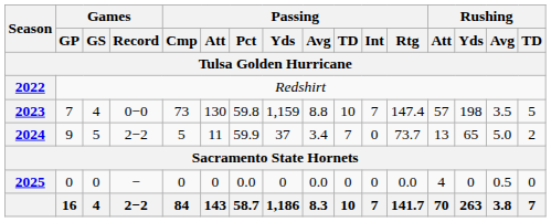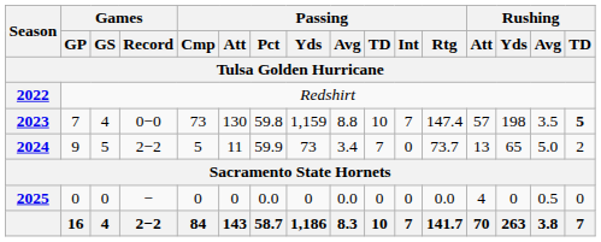 <table class="wikitable" style="text-align:center;">
 <tr>
 <th rowspan="2">Season</th>
 <th colspan="3">Games</th>
 <th colspan="8">Passing</th>
 <th colspan="5">Rushing</th>
 </tr>
 <tr>
 <th>GP</th>
 <th>GS</th>
 <th>Record</th>
 <th>Cmp</th>
 <th>Att</th>
 <th>Pct</th>
 <th>Yds</th>
 <th>Avg</th>
 <th>TD</th>
 <th>Int</th>
 <th>Rtg</th>
 <th>Att</th>
 <th>Yds</th>
 <th>Avg</th>
 <th>TD</th>
 </tr>
 <tr>
 <th colspan="16">Tulsa Golden Hurricane</th>
 </tr>
 <tr>
 <th><a href='#'>2022</a></th>
 <td colspan="16"><em>Redshirt </em></td>
 </tr>
 <tr>
 <th><a href='#'>2023</a></th>
 <td>7</td>
 <td>4</td>
 <td>0−0</td>
 <td>73</td>
 <td>130</td>
 <td>59.8</td>
 <td>1,159</td>
 <td>8.8</td>
 <td>10</td>
 <td>7</td>
 <td>147.4</td>
 <td>57</td>
 <td>198</td>
 <td>3.5</td>
-<td>5</td>
+<td><strong>5</strong></td>
 </tr>
 <tr>
 <th><a href='#'>2024</a></th>
 <td>9</td>
 <td>5</td>
 <td>2−2</td>
 <td>5</td>
 <td>11</td>
 <td>59.9</td>
-<td>37</td>
+<td>73</td>
 <td>3.4</td>
 <td>7</td>
 <td>0</td>
 <td>73.7</td>
 <td>13</td>
 <td>65</td>
 <td>5.0</td>
 <td>2</td>
 </tr>
 <tr>
 <th colspan="16">Sacramento State Hornets</th>
 </tr>
 <tr>
 <th><a href='#'>2025</a></th>
 <td>0</td>
 <td>0</td>
 <td>−</td>
 <td>0</td>
 <td>0</td>
 <td>0.0</td>
 <td>0</td>
 <td>0.0</td>
 <td>0</td>
 <td>0</td>
 <td>0.0</td>
 <td>4</td>
 <td>0</td>
 <td>0.5</td>
 <td>0</td>
 </tr>
 <tr>
 <th></th>
 <th>16</th>
 <th>4</th>
 <th>2−2</th>
 <th>84</th>
 <th>143</th>
 <th>58.7</th>
 <th>1,186</th>
 <th>8.3</th>
 <th>10</th>
 <th>7</th>
 <th>141.7</th>
 <th>70</th>
 <th>263</th>
 <th>3.8</th>
 <th>7</th>
 </tr>
 </table>
